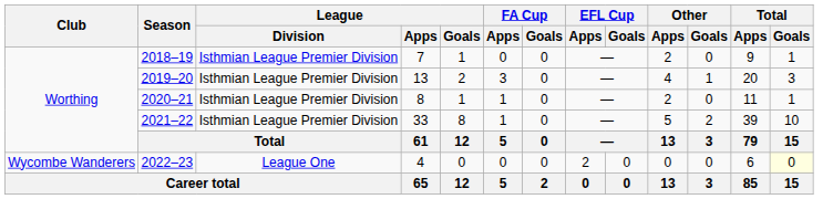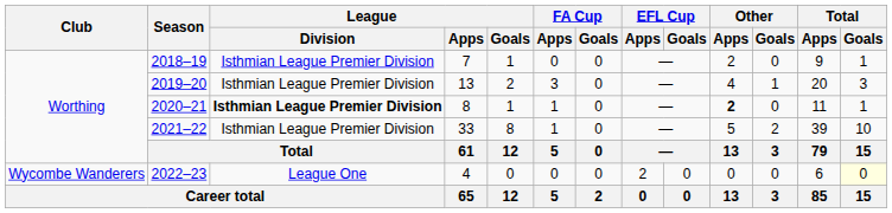 <table class="wikitable" style="text-align:center">
 <tr>
 <th rowspan="2">Club</th>
 <th rowspan="2">Season</th>
 <th colspan="3">League</th>
 <th colspan="2"><a href='#'>FA Cup</a></th>
 <th colspan="2"><a href='#'>EFL Cup</a></th>
 <th colspan="2">Other</th>
 <th colspan="2">Total</th>
 </tr>
 <tr>
 <th>Division</th>
 <th>Apps</th>
 <th>Goals</th>
 <th>Apps</th>
 <th>Goals</th>
 <th>Apps</th>
 <th>Goals</th>
 <th>Apps</th>
 <th>Goals</th>
 <th>Apps</th>
 <th>Goals</th>
 </tr>
 <tr>
 <td rowspan="5"><a href='#'>Worthing</a></td>
 <td><a href='#'>2018–19</a></td>
 <td><a href='#'>Isthmian League Premier Division</a></td>
 <td>7</td>
 <td>1</td>
 <td>0</td>
 <td>0</td>
 <td colspan="2">—</td>
 <td>2</td>
 <td>0</td>
 <td>9</td>
 <td>1</td>
 </tr>
 <tr>
 <td><a href='#'>2019–20</a></td>
 <td>Isthmian League Premier Division</td>
 <td>13</td>
 <td>2</td>
 <td>3</td>
 <td>0</td>
 <td colspan="2">—</td>
 <td>4</td>
 <td>1</td>
 <td>20</td>
 <td>3</td>
 </tr>
 <tr>
 <td><a href='#'>2020–21</a></td>
-<td>Isthmian League Premier Division</td>
+<td><strong>Isthmian League Premier Division</strong></td>
 <td>8</td>
 <td>1</td>
 <td>1</td>
 <td>0</td>
 <td colspan="2">—</td>
-<td>2</td>
+<td><strong>2</strong></td>
 <td>0</td>
 <td>11</td>
 <td>1</td>
 </tr>
 <tr>
 <td><a href='#'>2021–22</a></td>
 <td>Isthmian League Premier Division</td>
 <td>33</td>
 <td>8</td>
 <td>1</td>
 <td>0</td>
 <td colspan="2">—</td>
 <td>5</td>
 <td>2</td>
 <td>39</td>
 <td>10</td>
 </tr>
 <tr>
 <th colspan="2">Total</th>
 <th>61</th>
 <th>12</th>
 <th>5</th>
 <th>0</th>
 <th colspan="2">—</th>
 <th>13</th>
 <th>3</th>
 <th>79</th>
 <th>15</th>
 </tr>
 <tr>
 <td><a href='#'>Wycombe Wanderers</a></td>
 <td><a href='#'>2022–23</a></td>
 <td><a href='#'>League One</a></td>
 <td>4</td>
 <td>0</td>
 <td>0</td>
 <td>0</td>
 <td>2</td>
 <td>0</td>
 <td>0</td>
 <td>0</td>
 <td>6</td>
 <td style="background: lightyellow;">0</td>
 </tr>
 <tr>
 <th colspan="3">Career total</th>
 <th>65</th>
 <th>12</th>
 <th>5</th>
 <th>2</th>
 <th>0</th>
 <th>0</th>
 <th>13</th>
 <th>3</th>
 <th>85</th>
 <th>15</th>
 </tr>
 </table>
